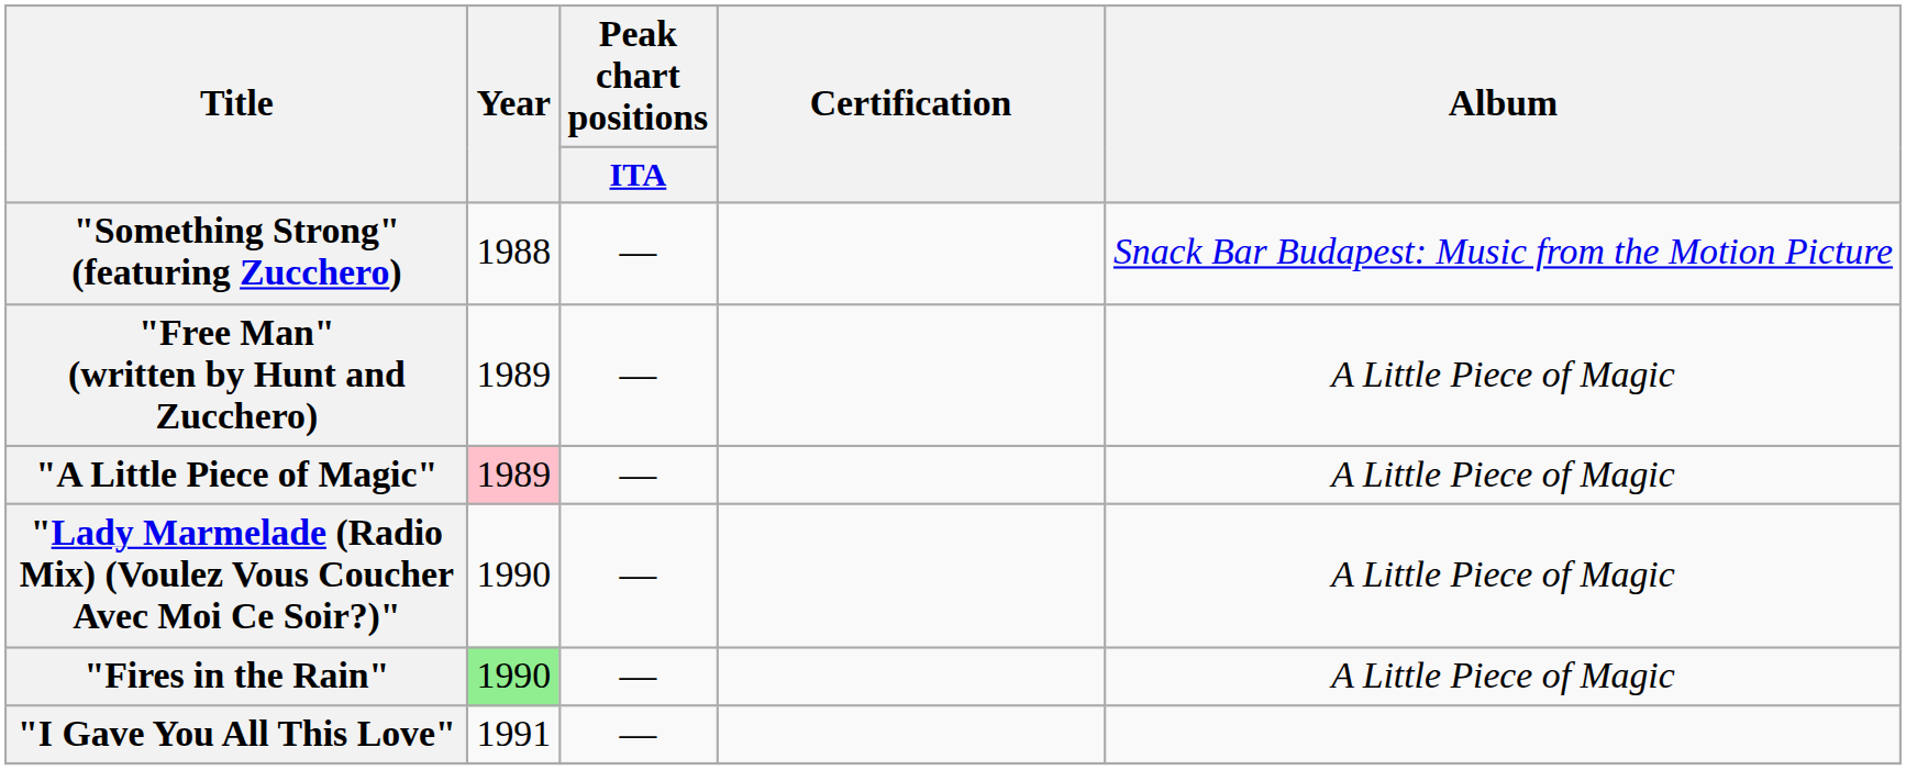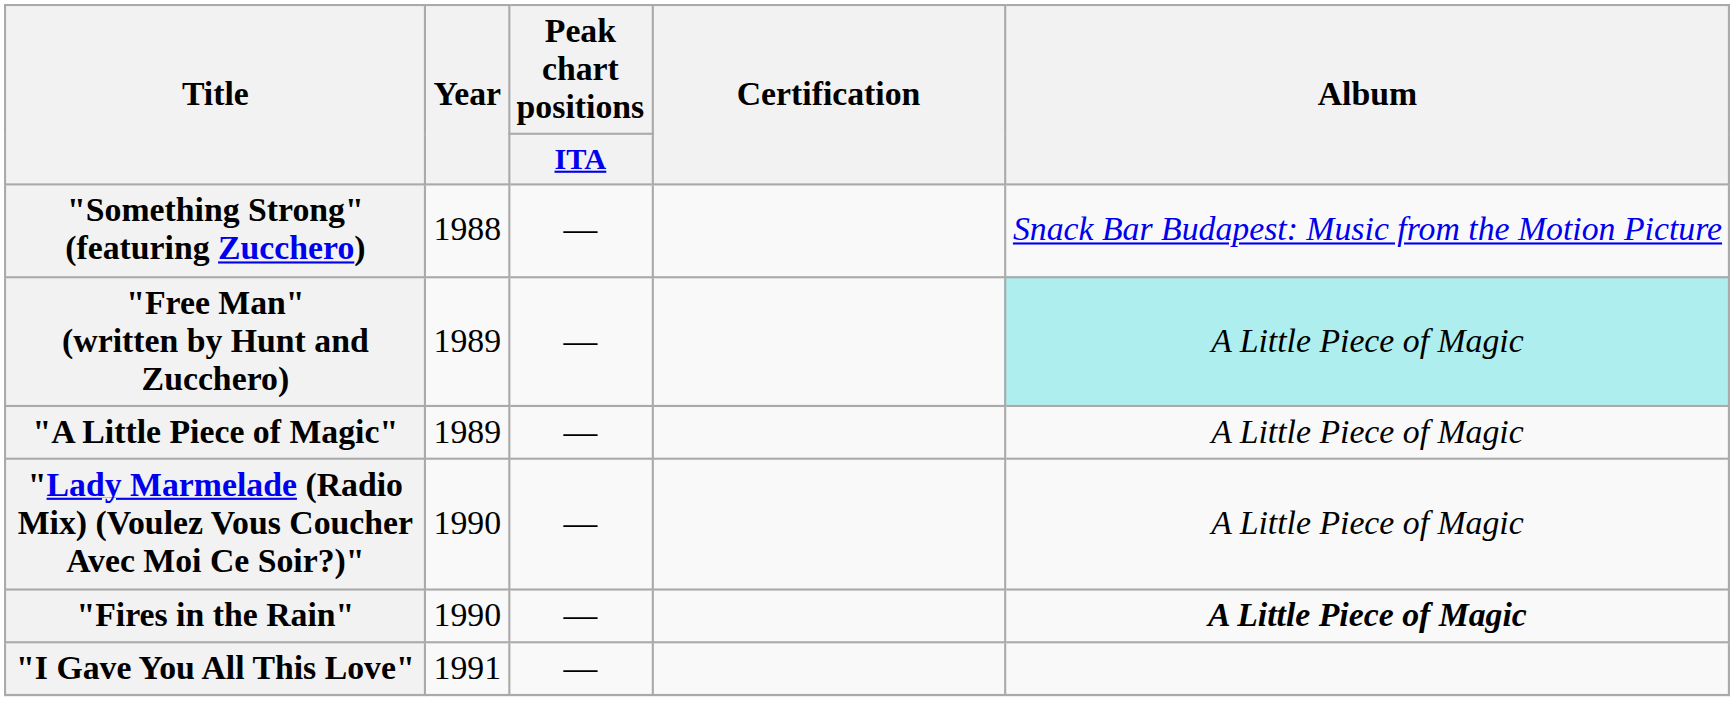 <table class="wikitable plainrowheaders" style="text-align:center;">
 <tr>
 <th scope="col" rowspan="2" style="width:12em;">Title</th>
 <th scope="col" rowspan="2">Year</th>
 <th scope="col" colspan="1">Peak chart positions</th>
 <th scope="col" rowspan="2" style="width:10em;">Certification</th>
 <th scope="col" rowspan="2">Album</th>
 </tr>
 <tr>
 <th style="width:2.5em; font-size:90%"><a href='#'>ITA</a></th>
 </tr>
 <tr>
 <th scope="row">"Something Strong"<br><span>(featuring <a href='#'>Zucchero</a>)</span></th>
 <td rowspan>1988</td>
 <td>—</td>
 <td></td>
 <td><em><a href='#'>Snack Bar Budapest: Music from the Motion Picture</a></em></td>
 </tr>
 <tr>
 <th scope="row">"Free Man"<br><span>(written by Hunt and Zucchero)</span></th>
 <td rowspan>1989</td>
 <td>—</td>
 <td></td>
-<td><em>A Little Piece of Magic</em></td>
+<td style="background: paleturquoise;"><em>A Little Piece of Magic</em></td>
 </tr>
 <tr>
 <th scope="row">"A Little Piece of Magic"</th>
-<td rowspan style="background: pink;">1989</td>
+<td rowspan>1989</td>
 <td>—</td>
 <td></td>
 <td><em>A Little Piece of Magic</em></td>
 </tr>
 <tr>
 <th scope="row">"<a href='#'>Lady Marmelade</a> (Radio Mix) (Voulez Vous Coucher Avec Moi Ce Soir?)"</th>
 <td rowspan>1990</td>
 <td>—</td>
 <td></td>
 <td><em>A Little Piece of Magic</em></td>
 </tr>
 <tr>
 <th scope="row">"Fires in the Rain"</th>
-<td rowspan style="background: lightgreen;">1990</td>
+<td rowspan>1990</td>
 <td>—</td>
 <td></td>
-<td><em>A Little Piece of Magic</em></td>
+<td><strong><em>A Little Piece of Magic</em></strong></td>
 </tr>
 <tr>
 <th scope="row">"I Gave You All This Love"</th>
 <td rowspan>1991</td>
 <td>—</td>
 <td></td>
 <td></td>
 </tr>
 <tr>
 </tr>
 </table>
